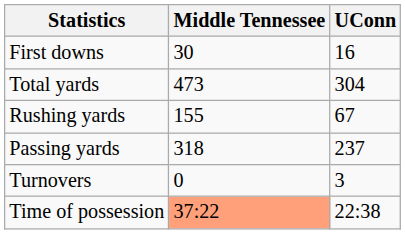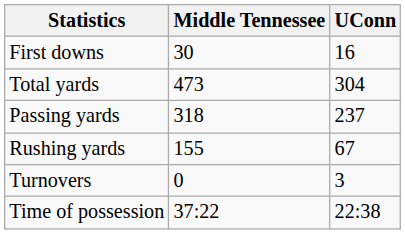 <table class="wikitable">
 <tr>
 <th>Statistics</th>
 <th>Middle Tennessee</th>
 <th>UConn</th>
 </tr>
 <tr>
 <td>First downs</td>
 <td>30</td>
 <td>16</td>
 </tr>
 <tr>
 <td>Total yards</td>
 <td>473</td>
 <td>304</td>
 </tr>
 <tr>
+<td>Passing yards</td>
+<td>318</td>
+<td>237</td>
+</tr>
+<tr>
 <td>Rushing yards</td>
 <td>155</td>
 <td>67</td>
-</tr>
-<tr>
-<td>Passing yards</td>
-<td>318</td>
-<td>237</td>
 </tr>
 <tr>
 <td>Turnovers</td>
 <td>0</td>
 <td>3</td>
 </tr>
 <tr>
 <td>Time of possession</td>
-<td style="background: lightsalmon;">37:22</td>
+<td>37:22</td>
 <td>22:38</td>
 </tr>
 </table>
